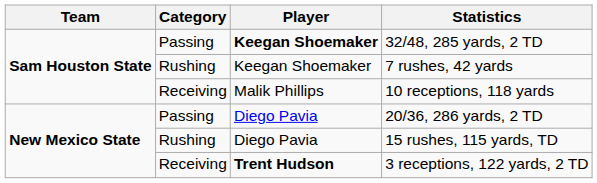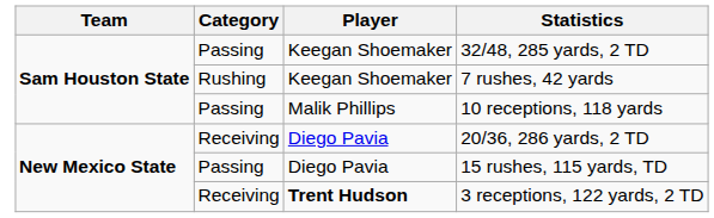 <table class="wikitable" style="float: right;">
 <tr>
 <th>Team</th>
 <th>Category</th>
 <th>Player</th>
 <th>Statistics</th>
 </tr>
 <tr>
 <td rowspan=3><strong>Sam Houston State</strong></td>
 <td>Passing</td>
-<td><strong>Keegan Shoemaker</strong></td>
+<td>Keegan Shoemaker</td>
 <td>32/48, 285 yards, 2 TD</td>
 </tr>
 <tr>
 <td>Rushing</td>
 <td>Keegan Shoemaker</td>
 <td>7 rushes, 42 yards</td>
 </tr>
 <tr>
-<td>Receiving</td>
+<td>Passing</td>
 <td>Malik Phillips</td>
 <td>10 receptions, 118 yards</td>
 </tr>
 <tr>
 <td rowspan=3><strong>New Mexico State</strong></td>
-<td>Passing</td>
+<td>Receiving</td>
 <td><a href='#'>Diego Pavia</a></td>
 <td>20/36, 286 yards, 2 TD</td>
 </tr>
 <tr>
-<td>Rushing</td>
+<td>Passing</td>
 <td>Diego Pavia</td>
 <td>15 rushes, 115 yards, TD</td>
 </tr>
 <tr>
 <td>Receiving</td>
 <td><strong>Trent Hudson</strong></td>
 <td>3 receptions, 122 yards, 2 TD</td>
 </tr>
 </table>
